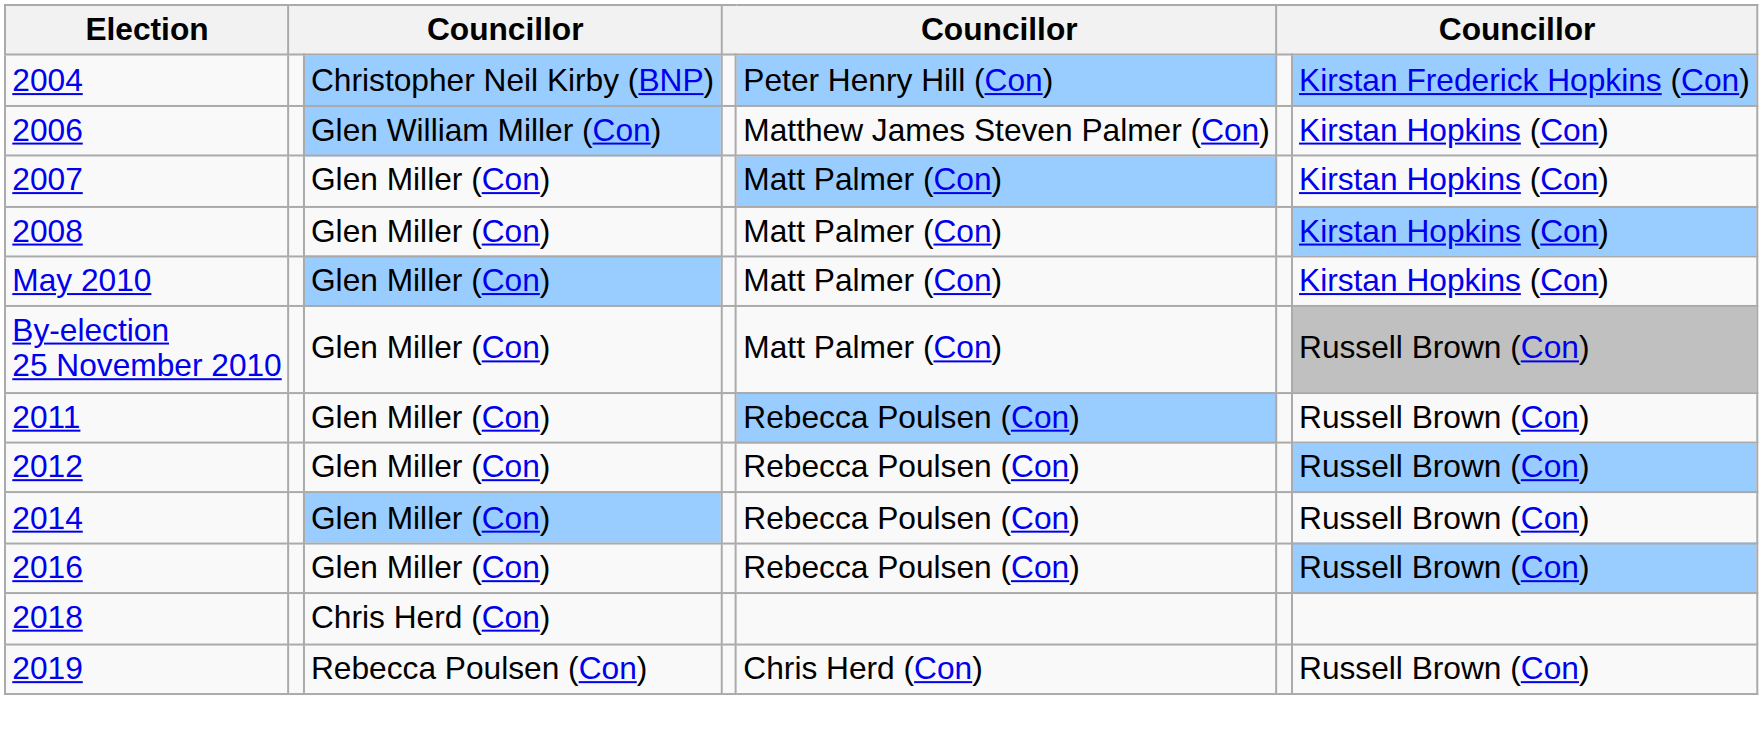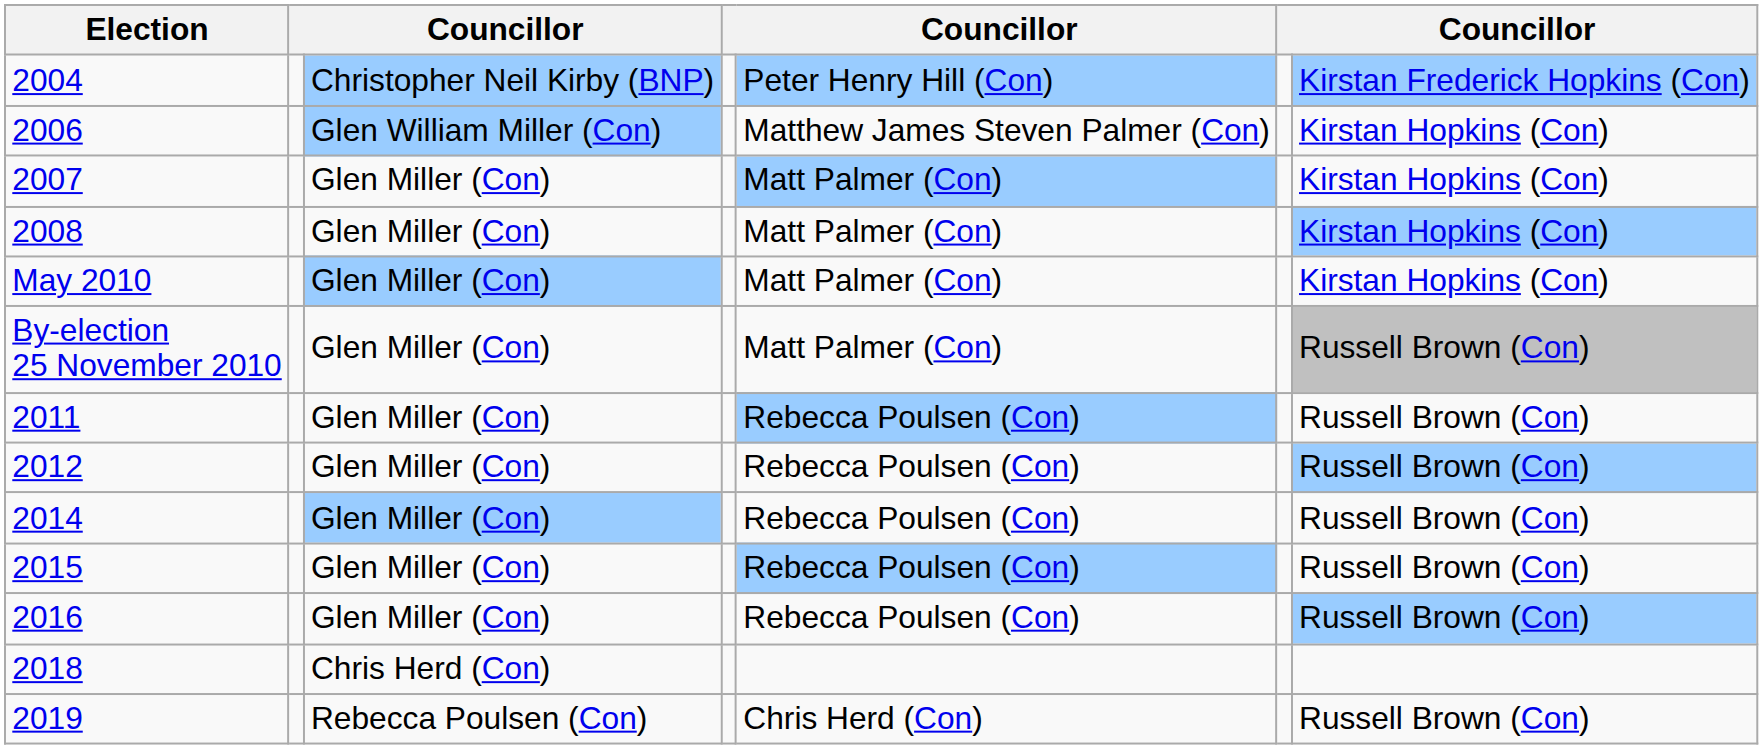 <table class="wikitable">
 <tr>
 <th>Election</th>
 <th colspan="2">Councillor</th>
 <th colspan="2">Councillor</th>
 <th colspan="2">Councillor</th>
 </tr>
 <tr>
 <td><a href='#'>2004</a></td>
 <td style="background-color: "></td>
 <td bgcolor="#99CCFF">Christopher Neil Kirby (<a href='#'>BNP</a>)</td>
 <td style="background-color: "></td>
 <td bgcolor="#99CCFF">Peter Henry Hill (<a href='#'>Con</a>)</td>
 <td style="background-color: "></td>
 <td bgcolor="#99CCFF"><a href='#'>Kirstan Frederick Hopkins</a> (<a href='#'>Con</a>)</td>
 </tr>
 <tr>
 <td><a href='#'>2006</a></td>
 <td style="background-color: "></td>
 <td bgcolor="#99CCFF">Glen William Miller (<a href='#'>Con</a>)</td>
 <td style="background-color: "></td>
 <td>Matthew James Steven Palmer (<a href='#'>Con</a>)</td>
 <td style="background-color: "></td>
 <td><a href='#'>Kirstan Hopkins</a> (<a href='#'>Con</a>)</td>
 </tr>
 <tr>
 <td><a href='#'>2007</a></td>
 <td style="background-color: "></td>
 <td>Glen Miller (<a href='#'>Con</a>)</td>
 <td style="background-color: "></td>
 <td bgcolor="#99CCFF">Matt Palmer (<a href='#'>Con</a>)</td>
 <td style="background-color: "></td>
 <td><a href='#'>Kirstan Hopkins</a> (<a href='#'>Con</a>)</td>
 </tr>
 <tr>
 <td><a href='#'>2008</a></td>
 <td style="background-color: "></td>
 <td>Glen Miller (<a href='#'>Con</a>)</td>
 <td style="background-color: "></td>
 <td>Matt Palmer (<a href='#'>Con</a>)</td>
 <td style="background-color: "></td>
 <td bgcolor="#99CCFF"><a href='#'>Kirstan Hopkins</a> (<a href='#'>Con</a>)</td>
 </tr>
 <tr>
 <td><a href='#'>May 2010</a></td>
 <td style="background-color: "></td>
 <td bgcolor="#99CCFF">Glen Miller (<a href='#'>Con</a>)</td>
 <td style="background-color: "></td>
 <td>Matt Palmer (<a href='#'>Con</a>)</td>
 <td style="background-color: "></td>
 <td><a href='#'>Kirstan Hopkins</a> (<a href='#'>Con</a>)</td>
 </tr>
 <tr>
 <td><a href='#'>By-election<br>25 November 2010</a></td>
 <td style="background-color: "></td>
 <td>Glen Miller (<a href='#'>Con</a>)</td>
 <td style="background-color: "></td>
 <td>Matt Palmer (<a href='#'>Con</a>)</td>
 <td style="background-color: "></td>
 <td bgcolor="#C0C0C0">Russell Brown (<a href='#'>Con</a>)</td>
 </tr>
 <tr>
 <td><a href='#'>2011</a></td>
 <td style="background-color: "></td>
 <td>Glen Miller (<a href='#'>Con</a>)</td>
 <td style="background-color: "></td>
 <td bgcolor="#99CCFF">Rebecca Poulsen (<a href='#'>Con</a>)</td>
 <td style="background-color: "></td>
 <td>Russell Brown (<a href='#'>Con</a>)</td>
 </tr>
 <tr>
 <td><a href='#'>2012</a></td>
 <td style="background-color: "></td>
 <td>Glen Miller (<a href='#'>Con</a>)</td>
 <td style="background-color: "></td>
 <td>Rebecca Poulsen (<a href='#'>Con</a>)</td>
 <td style="background-color: "></td>
 <td bgcolor="#99CCFF">Russell Brown (<a href='#'>Con</a>)</td>
 </tr>
 <tr>
 <td><a href='#'>2014</a></td>
 <td style="background-color: "></td>
 <td bgcolor="#99CCFF">Glen Miller (<a href='#'>Con</a>)</td>
 <td style="background-color: "></td>
 <td>Rebecca Poulsen (<a href='#'>Con</a>)</td>
 <td style="background-color: "></td>
 <td>Russell Brown (<a href='#'>Con</a>)</td>
 </tr>
 <tr>
+<td><a href='#'>2015</a></td>
+<td style="background-color: "></td>
+<td>Glen Miller (<a href='#'>Con</a>)</td>
+<td style="background-color: "></td>
+<td bgcolor="#99CCFF">Rebecca Poulsen (<a href='#'>Con</a>)</td>
+<td style="background-color: "></td>
+<td>Russell Brown (<a href='#'>Con</a>)</td>
+</tr>
+<tr>
 <td><a href='#'>2016</a></td>
 <td style="background-color: "></td>
 <td>Glen Miller (<a href='#'>Con</a>)</td>
 <td style="background-color: "></td>
 <td>Rebecca Poulsen (<a href='#'>Con</a>)</td>
 <td style="background-color: "></td>
 <td bgcolor="#99CCFF">Russell Brown (<a href='#'>Con</a>)</td>
 </tr>
 <tr>
 <td><a href='#'>2018</a></td>
 <td style="background-color: "></td>
 <td>Chris Herd (<a href='#'>Con</a>)</td>
 <td></td>
 <td></td>
 <td></td>
 <td></td>
 </tr>
 <tr>
 <td><a href='#'>2019</a></td>
 <td style="background-color: "></td>
 <td>Rebecca Poulsen (<a href='#'>Con</a>)</td>
 <td style="background-color: "></td>
 <td>Chris Herd (<a href='#'>Con</a>)</td>
 <td style="background-color: "></td>
 <td>Russell Brown (<a href='#'>Con</a>)</td>
 </tr>
 </table>
